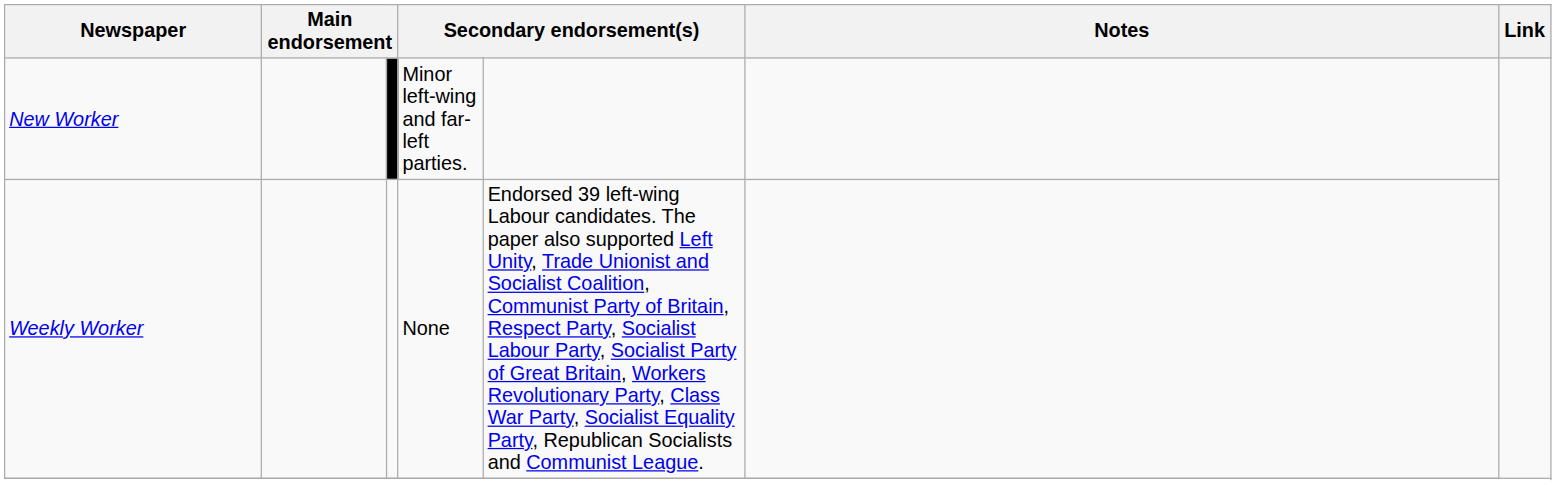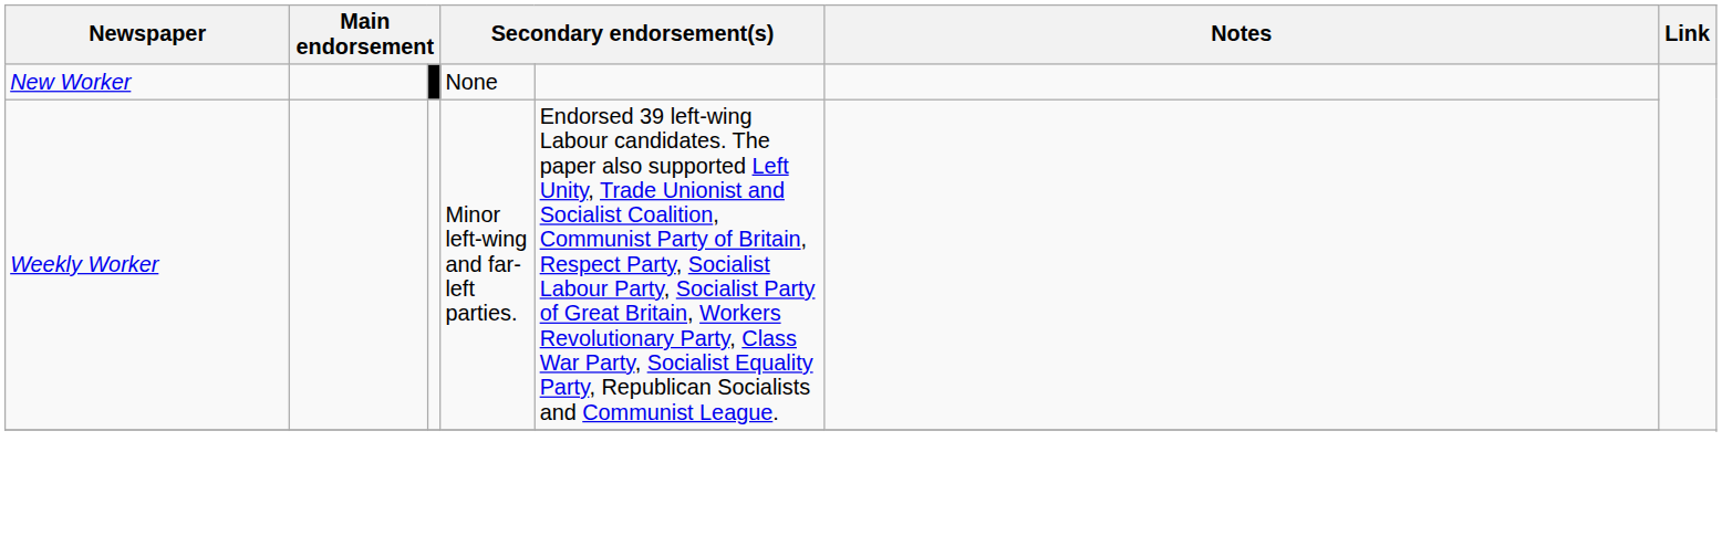 <table class="wikitable">
 <tr>
 <th style="width:200px;">Newspaper</th>
 <th colspan=2>Main endorsement</th>
 <th colspan=2>Secondary endorsement(s)</th>
 <th style="width:600px;">Notes</th>
 <th style="width:35px;">Link</th>
 </tr>
 <tr>
 <td><em><a href='#'>New Worker</a></em></td>
 <td></td>
 <td style="width: 2px; background-color:black"></td>
-<td>Minor left-wing and far-left parties.</td>
+<td>None</td>
 <td></td>
 <td></td>
 </tr>
 <tr>
 <td><em><a href='#'>Weekly Worker</a></em></td>
 <td></td>
 <td style="background-color: "></td>
-<td>None</td>
+<td>Minor left-wing and far-left parties.</td>
 <td>Endorsed 39 left-wing Labour candidates. The paper also supported <a href='#'>Left Unity</a>, <a href='#'>Trade Unionist and Socialist Coalition</a>, <a href='#'>Communist Party of Britain</a>, <a href='#'>Respect Party</a>, <a href='#'>Socialist Labour Party</a>, <a href='#'>Socialist Party of Great Britain</a>, <a href='#'>Workers Revolutionary Party</a>, <a href='#'>Class War Party</a>, <a href='#'>Socialist Equality Party</a>, Republican Socialists and <a href='#'>Communist League</a>.</td>
 <td></td>
 </tr>
 <tr>
 </tr>
 </table>
